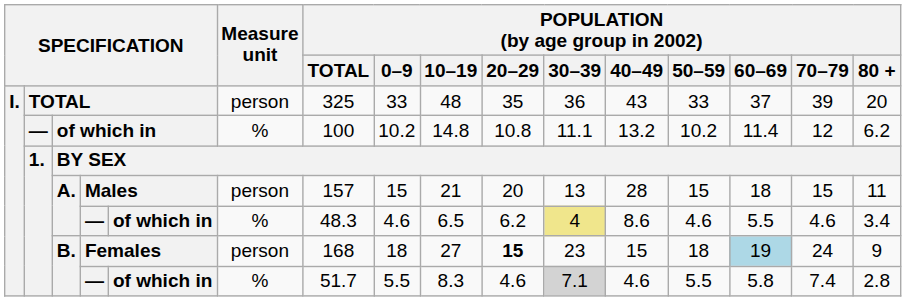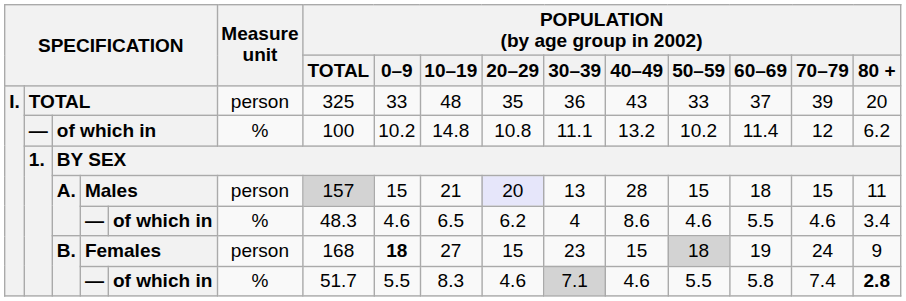 <table class="wikitable" style="font-size:85%; text-align:center">
 <tr>
 <th rowspan="2" colspan="5">SPECIFICATION</th>
 <th rowspan="2">Measure<br> unit</th>
 <th colspan="10" rowspan="1">POPULATION<br> (by age group in 2002)</th>
 </tr>
 <tr>
 <th>TOTAL</th>
 <th>0–9</th>
 <th>10–19</th>
 <th>20–29</th>
 <th>30–39</th>
 <th>40–49</th>
 <th>50–59</th>
 <th>60–69</th>
 <th>70–79</th>
 <th>80 +</th>
 </tr>
 <tr>
 <th style="text-align:left" valign="top" rowspan="7">I.</th>
 <th style="text-align:left" colspan="4">TOTAL</th>
 <td>person</td>
 <td>325</td>
 <td>33</td>
 <td>48</td>
 <td>35</td>
 <td>36</td>
 <td>43</td>
 <td>33</td>
 <td>37</td>
 <td>39</td>
 <td>20</td>
 </tr>
 <tr>
 <th style="text-align:left" valign="top">—</th>
 <th style="text-align:left" colspan="3">of which in</th>
 <td>%</td>
 <td>100</td>
 <td>10.2</td>
 <td>14.8</td>
 <td>10.8</td>
 <td>11.1</td>
 <td>13.2</td>
 <td>10.2</td>
 <td>11.4</td>
 <td>12</td>
 <td>6.2</td>
 </tr>
 <tr>
 <th style="text-align:left" valign="top" rowspan="5">1.</th>
 <th style="text-align:left" colspan="14">BY SEX</th>
 </tr>
 <tr>
 <th style="text-align:left" valign="top" rowspan="2">A.</th>
 <th style="text-align:left" colspan="2">Males</th>
 <td>person</td>
-<td>157</td>
+<td style="background: lightgrey;">157</td>
 <td>15</td>
 <td>21</td>
-<td>20</td>
+<td style="background: lavender;">20</td>
 <td>13</td>
 <td>28</td>
 <td>15</td>
 <td>18</td>
 <td>15</td>
 <td>11</td>
 </tr>
 <tr>
 <th style="text-align:left" valign="top">—</th>
 <th style="text-align:left" colspan="1">of which in</th>
 <td>%</td>
 <td>48.3</td>
 <td>4.6</td>
 <td>6.5</td>
 <td>6.2</td>
-<td style="background: khaki;">4</td>
+<td>4</td>
 <td>8.6</td>
 <td>4.6</td>
 <td>5.5</td>
 <td>4.6</td>
 <td>3.4</td>
 </tr>
 <tr>
 <th style="text-align:left" valign="top" rowspan="2">B.</th>
 <th style="text-align:left" colspan="2">Females</th>
 <td>person</td>
 <td>168</td>
-<td>18</td>
+<td><strong>18</strong></td>
 <td>27</td>
-<td><strong>15</strong></td>
+<td>15</td>
 <td>23</td>
 <td>15</td>
-<td>18</td>
-<td style="background: lightblue;">19</td>
+<td style="background: lightgrey;">18</td>
+<td>19</td>
 <td>24</td>
 <td>9</td>
 </tr>
 <tr>
 <th style="text-align:left" valign="top">—</th>
 <th style="text-align:left" colspan="1">of which in</th>
 <td>%</td>
 <td>51.7</td>
 <td>5.5</td>
 <td>8.3</td>
 <td>4.6</td>
 <td style="background: lightgrey;">7.1</td>
 <td>4.6</td>
 <td>5.5</td>
 <td>5.8</td>
 <td>7.4</td>
-<td>2.8</td>
+<td><strong>2.8</strong></td>
 </tr>
 </table>
